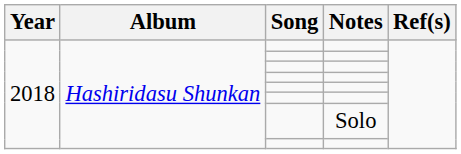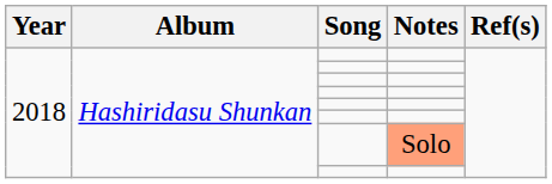 <table class="wikitable plainrowheaders" style="text-align:center;">
 <tr>
 <th>Year</th>
 <th>Album</th>
 <th>Song</th>
 <th>Notes</th>
 <th>Ref(s)</th>
 </tr>
 <tr>
 <td rowspan="8">2018</td>
 <td rowspan="8"><em><a href='#'>Hashiridasu Shunkan</a></em></td>
 <td></td>
 <td></td>
 <td rowspan="8"></td>
 </tr>
 <tr>
 <td></td>
 <td></td>
 </tr>
 <tr>
 <td></td>
 <td></td>
 </tr>
 <tr>
 <td></td>
 <td></td>
 </tr>
 <tr>
 <td></td>
 <td></td>
 </tr>
 <tr>
 <td></td>
 <td></td>
 </tr>
 <tr>
 <td></td>
-<td>Solo</td>
+<td style="background: lightsalmon;">Solo</td>
 </tr>
 <tr>
 <td></td>
 <td></td>
 </tr>
 </table>
